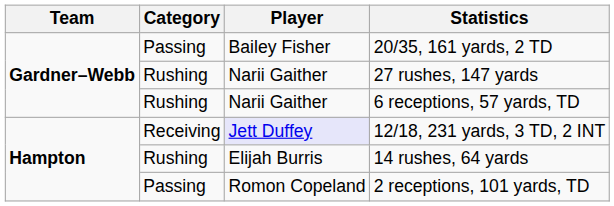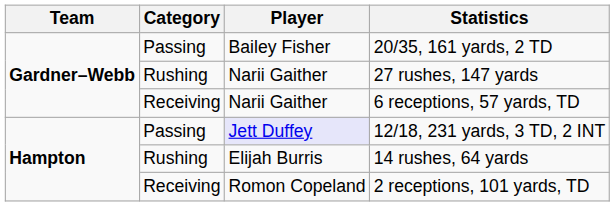 <table class="wikitable" style="float: right;">
 <tr>
 <th>Team</th>
 <th>Category</th>
 <th>Player</th>
 <th>Statistics</th>
 </tr>
 <tr>
 <td rowspan=3><strong>Gardner–Webb</strong></td>
 <td>Passing</td>
 <td>Bailey Fisher</td>
 <td>20/35, 161 yards, 2 TD</td>
 </tr>
 <tr>
 <td>Rushing</td>
 <td>Narii Gaither</td>
 <td>27 rushes, 147 yards</td>
 </tr>
 <tr>
-<td>Rushing</td>
+<td>Receiving</td>
 <td>Narii Gaither</td>
 <td>6 receptions, 57 yards, TD</td>
 </tr>
 <tr>
 <td rowspan=3><strong>Hampton</strong></td>
-<td>Receiving</td>
+<td>Passing</td>
 <td style="background: lavender;"><a href='#'>Jett Duffey</a></td>
 <td>12/18, 231 yards, 3 TD, 2 INT</td>
 </tr>
 <tr>
 <td>Rushing</td>
 <td>Elijah Burris</td>
 <td>14 rushes, 64 yards</td>
 </tr>
 <tr>
-<td>Passing</td>
+<td>Receiving</td>
 <td>Romon Copeland</td>
 <td>2 receptions, 101 yards, TD</td>
 </tr>
 </table>
